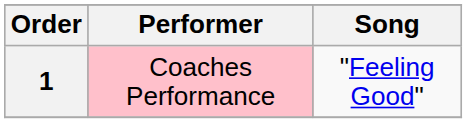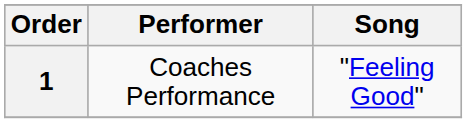 <table class="wikitable" style="text-align:center; width:45%;">
 <tr>
 </tr>
 <tr>
 <th style="width:01%;">Order</th>
 <th style="width:60%;">Performer</th>
 <th style="width:39%;">Song</th>
 </tr>
 <tr>
 <th>1</th>
-<td style="background: pink;">Coaches Performance</td>
+<td>Coaches Performance</td>
 <td>"<a href='#'>Feeling Good</a>"</td>
 </tr>
 <tr>
 </tr>
 </table>
